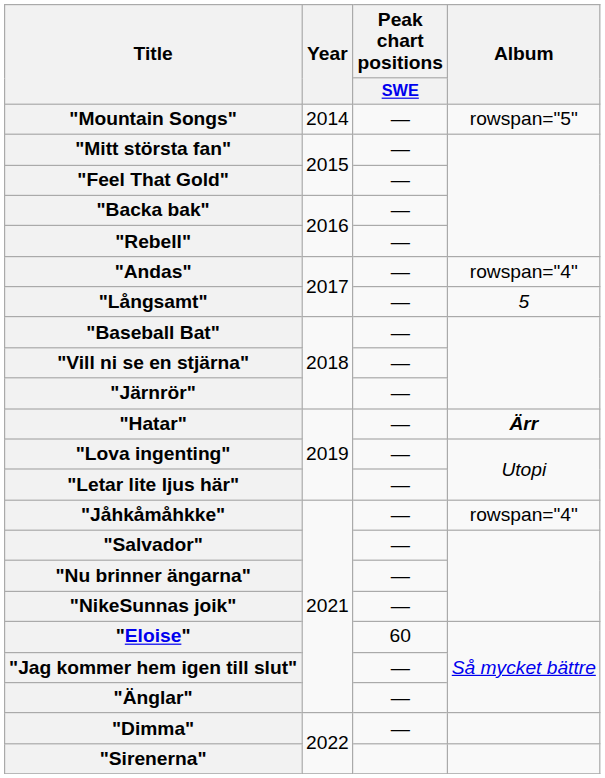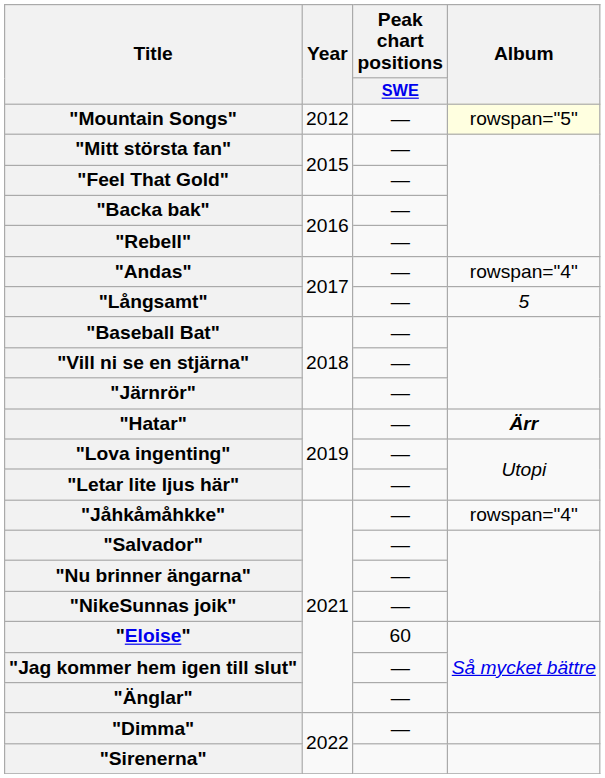 <table class="wikitable plainrowheaders" style="text-align:center;">
 <tr>
 <th scope="col" rowspan="2">Title</th>
 <th scope="col" rowspan="2">Year</th>
 <th scope="col" colspan="1">Peak chart positions</th>
 <th scope="col" rowspan="2">Album</th>
 </tr>
 <tr>
 <th scope="col" style="width:3em;font-size:85%;"><a href='#'>SWE</a><br></th>
 </tr>
 <tr>
 <th scope="row">"Mountain Songs"<br></th>
-<td>2014</td>
+<td>2012</td>
 <td>—</td>
-<td>rowspan="5"</td>
+<td style="background: lightyellow;">rowspan="5"</td>
 </tr>
 <tr>
 <th scope="row">"Mitt största fan"</th>
 <td rowspan="2">2015</td>
 <td>—</td>
 </tr>
 <tr>
 <th scope="row">"Feel That Gold"</th>
 <td>—</td>
 </tr>
 <tr>
 <th scope="row">"Backa bak"</th>
 <td rowspan="2">2016</td>
 <td>—</td>
 </tr>
 <tr>
 <th scope="row">"Rebell"</th>
 <td>—</td>
 </tr>
 <tr>
 <th scope="row">"Andas"</th>
 <td rowspan="2">2017</td>
 <td>—</td>
 <td>rowspan="4"</td>
 </tr>
 <tr>
 <th scope="row">"Långsamt"</th>
 <td>—</td>
 <td><em>5</em></td>
 </tr>
 <tr>
 <th scope="row">"Baseball Bat"</th>
 <td rowspan="3">2018</td>
 <td>—</td>
 </tr>
 <tr>
 <th scope="row">"Vill ni se en stjärna"</th>
 <td>—</td>
 </tr>
 <tr>
 <th scope="row">"Järnrör"</th>
 <td>—</td>
 </tr>
 <tr>
 <th scope="row">"Hatar"</th>
 <td rowspan="3">2019</td>
 <td>—</td>
 <td><strong><em>Ärr</em></strong></td>
 </tr>
 <tr>
 <th scope="row">"Lova ingenting"</th>
 <td>—</td>
 <td rowspan="2"><em>Utopi</em></td>
 </tr>
 <tr>
 <th scope="row">"Letar lite ljus här"</th>
 <td>—</td>
 </tr>
 <tr>
 <th scope="row">"Jåhkåmåhkke"</th>
 <td rowspan="7">2021</td>
 <td>—</td>
 <td>rowspan="4"</td>
 </tr>
 <tr>
 <th scope="row">"Salvador"</th>
 <td>—</td>
 </tr>
 <tr>
 <th scope="row">"Nu brinner ängarna"</th>
 <td>—</td>
 </tr>
 <tr>
 <th scope="row">"NikeSunnas joik"</th>
 <td>—</td>
 </tr>
 <tr>
 <th scope="row">"<a href='#'>Eloise</a>"</th>
 <td>60</td>
 <td rowspan="3"><em><a href='#'>Så mycket bättre</a></em></td>
 </tr>
 <tr>
 <th scope="row">"Jag kommer hem igen till slut"</th>
 <td>—</td>
 </tr>
 <tr>
 <th scope="row">"Änglar"</th>
 <td>—</td>
 </tr>
 <tr>
 <th scope="row">"Dimma"<br></th>
 <td rowspan="2">2022</td>
 <td>—</td>
 <td></td>
 </tr>
 <tr>
 <th scope="row">"Sirenerna"<br></th>
 <td></td>
 <td></td>
 </tr>
 </table>
